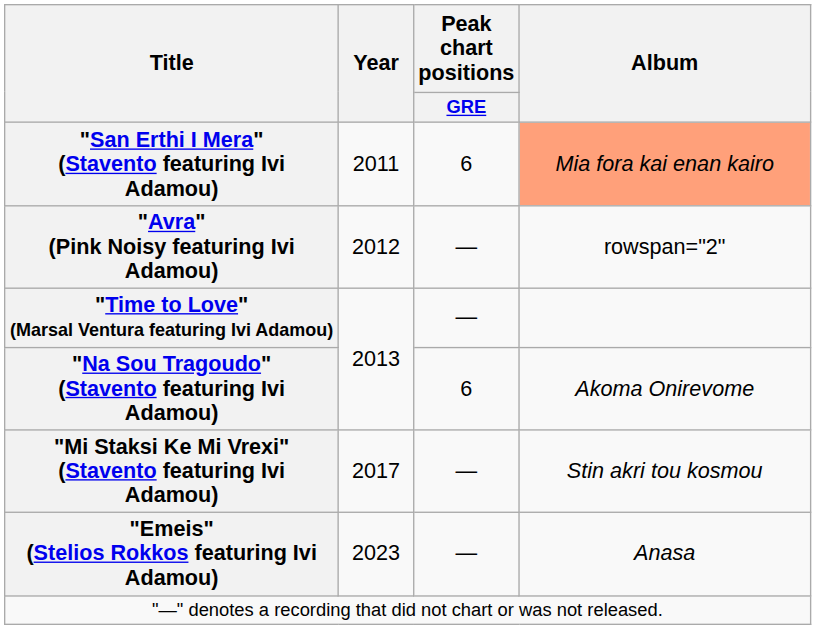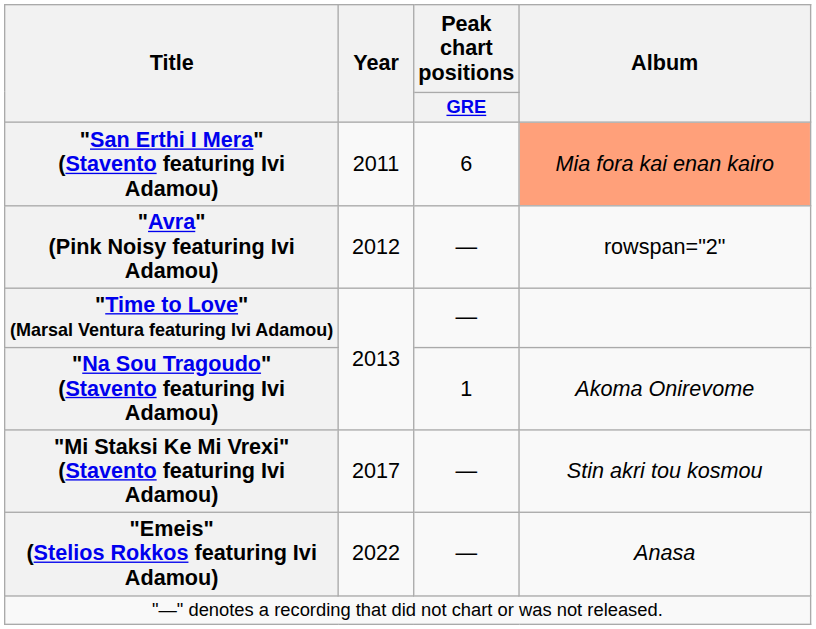 <table class="wikitable plainrowheaders" style="text-align:center;">
 <tr>
 <th scope="col" style="width:15em;height:5em;" rowspan="2">Title</th>
 <th scope="col" style="width:3em;" rowspan="2">Year</th>
 <th scope="col" colspan="1">Peak chart positions</th>
 <th scope="col" style="width:13em;" rowspan="2">Album</th>
 </tr>
 <tr>
 <th scope="col" style="width:3em;font-size:85%;"><a href='#'>GRE</a><br></th>
 </tr>
 <tr>
 <th scope="row">"<a href='#'>San Erthi I Mera</a>"<br><span>(<a href='#'>Stavento</a> featuring Ivi Adamou)</span></th>
 <td>2011</td>
 <td>6</td>
 <td style="background: lightsalmon;"><em>Mia fora kai enan kairo</em></td>
 </tr>
 <tr>
 <th scope="row">"<a href='#'>Avra</a>"<br><span>(Pink Noisy featuring Ivi Adamou)</span></th>
 <td>2012</td>
 <td>—</td>
 <td>rowspan="2" </td>
 </tr>
 <tr>
 <th scope="row">"<a href='#'>Time to Love</a>"<br><small>(Marsal Ventura featuring Ivi Adamou)</small></th>
 <td rowspan="2">2013</td>
 <td>—</td>
 </tr>
 <tr>
 <th scope="row">"<a href='#'>Na Sou Tragoudo</a>"<br><span>(<a href='#'>Stavento</a> featuring Ivi Adamou)</span></th>
-<td>6</td>
+<td>1</td>
 <td><em>Akoma Onirevome</em></td>
 </tr>
 <tr>
 <th scope="row">"Mi Staksi Ke Mi Vrexi"<br><span>(<a href='#'>Stavento</a> featuring Ivi Adamou)</span></th>
 <td>2017</td>
 <td>—</td>
 <td><em>Stin akri tou kosmou</em></td>
 </tr>
 <tr>
 <th scope="row">"Emeis"<br><span>(<a href='#'>Stelios Rokkos</a> featuring Ivi Adamou)</span></th>
-<td>2023</td>
+<td>2022</td>
 <td>—</td>
 <td><em>Anasa</em></td>
 </tr>
 <tr>
 <td style="font-size:85%" colspan=13>"—" denotes a recording that did not chart or was not released.</td>
 </tr>
 </table>
